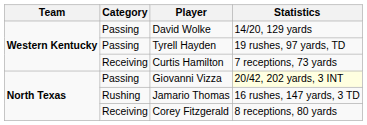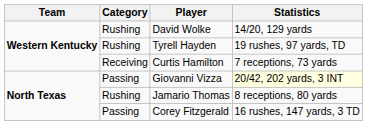 <table class="wikitable" style="float: left;">
 <tr>
 <th>Team</th>
 <th>Category</th>
 <th>Player</th>
 <th>Statistics</th>
 </tr>
 <tr>
 <td rowspan=3><strong>Western Kentucky</strong></td>
-<td>Passing</td>
+<td>Rushing</td>
 <td>David Wolke</td>
 <td>14/20, 129 yards</td>
 </tr>
 <tr>
-<td>Passing</td>
+<td>Rushing</td>
 <td>Tyrell Hayden</td>
 <td>19 rushes, 97 yards, TD</td>
 </tr>
 <tr>
 <td>Receiving</td>
 <td>Curtis Hamilton</td>
 <td>7 receptions, 73 yards</td>
 </tr>
 <tr>
 <td rowspan=3><strong>North Texas</strong></td>
 <td>Passing</td>
 <td>Giovanni Vizza</td>
 <td style="background: lightyellow;">20/42, 202 yards, 3 INT</td>
 </tr>
 <tr>
 <td>Rushing</td>
 <td>Jamario Thomas</td>
+<td>8 receptions, 80 yards</td>
+</tr>
+<tr>
+<td>Passing</td>
+<td>Corey Fitzgerald</td>
 <td>16 rushes, 147 yards, 3 TD</td>
 </tr>
-<tr>
-<td>Receiving</td>
-<td>Corey Fitzgerald</td>
-<td>8 receptions, 80 yards</td>
-</tr>
 </table>
